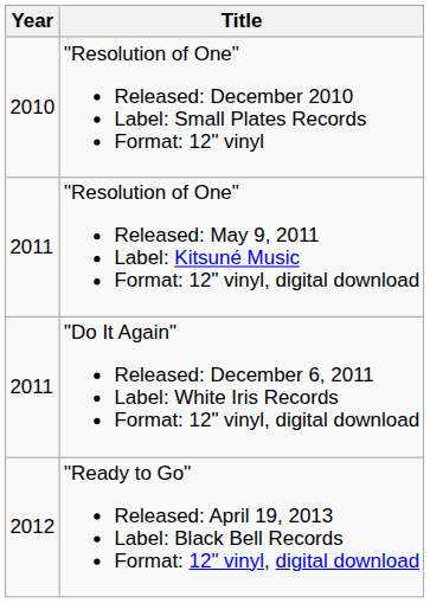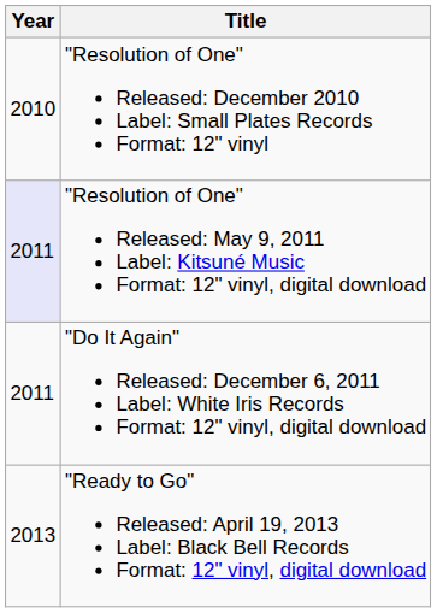 <table class="wikitable">
 <tr>
 <th>Year</th>
 <th>Title</th>
 </tr>
 <tr>
 <td>2010</td>
 <td>"Resolution of One"<br><ul><li>Released: December 2010</li><li>Label: Small Plates Records</li><li>Format: 12" vinyl</li></ul></td>
 </tr>
 <tr>
-<td>2011</td>
+<td style="background: lavender;">2011</td>
 <td>"Resolution of One"<br><ul><li>Released: May 9, 2011</li><li>Label: <a href='#'>Kitsuné Music</a></li><li>Format: 12" vinyl, digital download</li></ul></td>
 </tr>
 <tr>
 <td>2011</td>
 <td>"Do It Again"<br><ul><li>Released: December 6, 2011</li><li>Label: White Iris Records</li><li>Format: 12" vinyl, digital download</li></ul></td>
 </tr>
 <tr>
-<td>2012</td>
+<td>2013</td>
 <td>"Ready to Go"<br><ul><li>Released: April 19, 2013</li><li>Label: Black Bell Records</li><li>Format: <a href='#'>12" vinyl</a>, <a href='#'>digital download</a></li></ul></td>
 </tr>
 </table>
